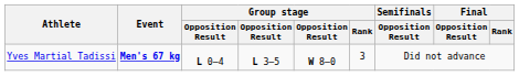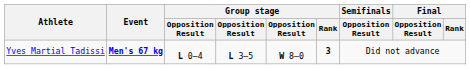 <table class="wikitable" style="font-size:90%">
 <tr>
 <th rowspan=2>Athlete</th>
 <th rowspan=2>Event</th>
 <th colspan=4>Group stage</th>
 <th>Semifinals</th>
 <th colspan=2>Final</th>
 </tr>
 <tr style="font-size:95%">
 <th>Opposition<br>Result</th>
 <th>Opposition<br>Result</th>
 <th>Opposition<br>Result</th>
 <th>Rank</th>
 <th>Opposition<br>Result</th>
 <th>Opposition<br>Result</th>
 <th>Rank</th>
 </tr>
 <tr align=center>
 <td align=left><a href='#'>Yves Martial Tadissi</a></td>
 <td align=left><strong><a href='#'>Men's 67 kg</a></strong></td>
 <td><br><strong>L</strong> 0–4</td>
 <td><br><strong>L</strong> 3–5</td>
 <td><br><strong>W</strong> 8–0</td>
-<td>3</td>
+<td><strong>3</strong></td>
 <td colspan=3>Did not advance</td>
 </tr>
 </table>
